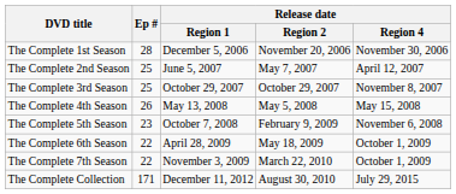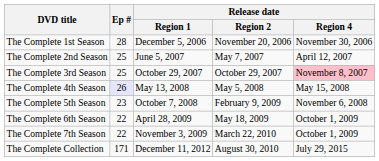 <table class="wikitable">
 <tr>
 <th rowspan="2">DVD title</th>
 <th rowspan="2">Ep #</th>
 <th colspan="3">Release date</th>
 </tr>
 <tr>
 <th>Region 1</th>
 <th>Region 2</th>
 <th>Region 4</th>
 </tr>
 <tr>
 <td>The Complete 1st Season</td>
 <td style="text-align:center;">28</td>
 <td>December 5, 2006</td>
 <td>November 20, 2006</td>
 <td>November 30, 2006</td>
 </tr>
 <tr>
 <td>The Complete 2nd Season</td>
 <td style="text-align:center;">25</td>
 <td>June 5, 2007</td>
 <td>May 7, 2007</td>
 <td>April 12, 2007</td>
 </tr>
 <tr>
 <td>The Complete 3rd Season</td>
 <td style="text-align:center;">25</td>
 <td>October 29, 2007</td>
 <td>October 29, 2007</td>
-<td>November 8, 2007</td>
+<td style="background: pink;">November 8, 2007</td>
 </tr>
 <tr>
 <td>The Complete 4th Season</td>
-<td style="text-align:center;">26</td>
+<td style="background: lavender; text-align:center;">26</td>
 <td>May 13, 2008</td>
 <td>May 5, 2008</td>
 <td>May 15, 2008</td>
 </tr>
 <tr>
 <td>The Complete 5th Season</td>
 <td style="text-align:center;">23</td>
 <td>October 7, 2008</td>
 <td>February 9, 2009</td>
 <td>November 6, 2008</td>
 </tr>
 <tr>
 <td>The Complete 6th Season</td>
 <td style="text-align:center;">22</td>
 <td>April 28, 2009</td>
 <td>May 18, 2009</td>
 <td>October 1, 2009</td>
 </tr>
 <tr>
 <td>The Complete 7th Season</td>
 <td style="text-align:center;">22</td>
 <td>November 3, 2009</td>
 <td>March 22, 2010</td>
 <td>October 1, 2009</td>
 </tr>
 <tr>
 <td>The Complete Collection</td>
 <td style="text-align:center;">171</td>
 <td>December 11, 2012</td>
 <td>August 30, 2010</td>
 <td>July 29, 2015</td>
 </tr>
 </table>
